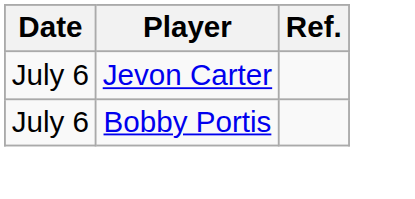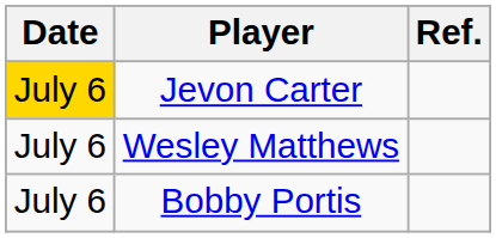 <table class="wikitable sortable sortable" style="text-align: center">
 <tr>
 <th>Date</th>
 <th>Player</th>
 <th>Ref.</th>
 </tr>
 <tr>
+<td style="background: gold;">July 6</td>
+<td><a href='#'>Jevon Carter</a></td>
+<td></td>
+</tr>
+<tr>
 <td>July 6</td>
-<td><a href='#'>Jevon Carter</a></td>
+<td><a href='#'>Wesley Matthews</a></td>
 <td></td>
 </tr>
 <tr>
 <td>July 6</td>
 <td><a href='#'>Bobby Portis</a></td>
 <td></td>
 </tr>
 </table>
